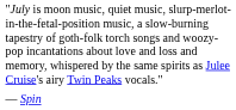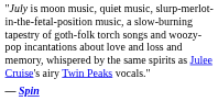 <table class="toccolours" style="float: right; margin-left: 1em; margin-right: 0em; font-size: 85%; background:offwhite; color:black; width:20em; max-width: 40%;" cellspacing="5">
 <tr>
 <td style="text-align: left;">"<em>July</em> is moon music, quiet music, slurp-merlot-in-the-fetal-position music, a slow-burning tapestry of goth-folk torch songs and woozy-pop incantations about love and loss and memory, whispered by the same spirits as <a href='#'>Julee Cruise</a>'s airy <a href='#'>Twin Peaks</a> vocals."</td>
 </tr>
 <tr>
-<td style="text-align: left;">— <em><a href='#'>Spin</a></em></td>
+<td style="text-align: left;"><strong>— <em><a href='#'>Spin</a></em></strong></td>
 </tr>
 </table>
